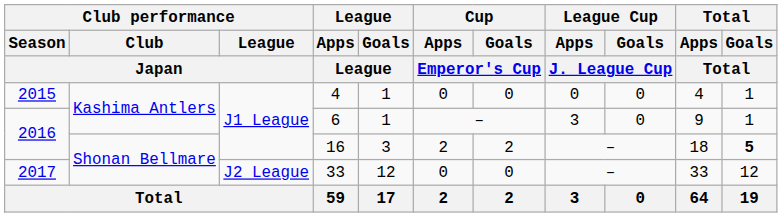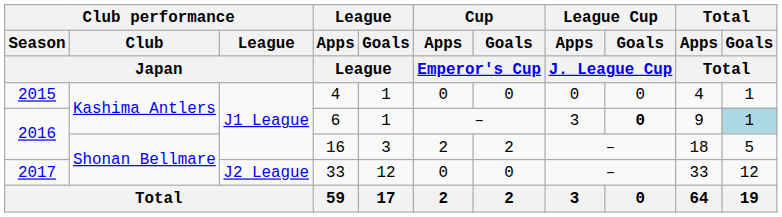 <table class="wikitable" style="text-align:center;">
 <tr>
 <th colspan=3>Club performance</th>
 <th colspan=2>League</th>
 <th colspan=2>Cup</th>
 <th colspan=2>League Cup</th>
 <th colspan=2>Total</th>
 </tr>
 <tr>
 <th>Season</th>
 <th>Club</th>
 <th>League</th>
 <th>Apps</th>
 <th>Goals</th>
 <th>Apps</th>
 <th>Goals</th>
 <th>Apps</th>
 <th>Goals</th>
 <th>Apps</th>
 <th>Goals</th>
 </tr>
 <tr>
 <th colspan=3>Japan</th>
 <th colspan=2>League</th>
 <th colspan=2><a href='#'>Emperor's Cup</a></th>
 <th colspan=2><a href='#'>J. League Cup</a></th>
 <th colspan=2>Total</th>
 </tr>
 <tr>
 <td><a href='#'>2015</a></td>
 <td rowspan="2"><a href='#'>Kashima Antlers</a></td>
 <td rowspan="3"><a href='#'>J1 League</a></td>
 <td>4</td>
 <td>1</td>
 <td>0</td>
 <td>0</td>
 <td>0</td>
 <td>0</td>
 <td>4</td>
 <td>1</td>
 </tr>
 <tr>
 <td rowspan="2"><a href='#'>2016</a></td>
 <td>6</td>
 <td>1</td>
 <td colspan="2">–</td>
 <td>3</td>
-<td>0</td>
+<td><strong>0</strong></td>
 <td>9</td>
-<td>1</td>
+<td style="background: lightblue;">1</td>
 </tr>
 <tr>
 <td rowspan="2"><a href='#'>Shonan Bellmare</a></td>
 <td>16</td>
 <td>3</td>
 <td>2</td>
 <td>2</td>
 <td colspan="2">–</td>
 <td>18</td>
-<td><strong>5</strong></td>
+<td>5</td>
 </tr>
 <tr>
 <td><a href='#'>2017</a></td>
 <td><a href='#'>J2 League</a></td>
 <td>33</td>
 <td>12</td>
 <td>0</td>
 <td>0</td>
 <td colspan="2">–</td>
 <td>33</td>
 <td>12</td>
 </tr>
 <tr>
 <th colspan=3>Total</th>
 <th>59</th>
 <th>17</th>
 <th>2</th>
 <th>2</th>
 <th>3</th>
 <th>0</th>
 <th>64</th>
 <th>19</th>
 </tr>
 </table>
